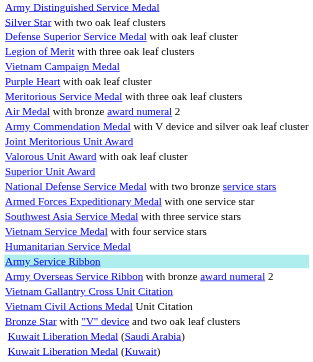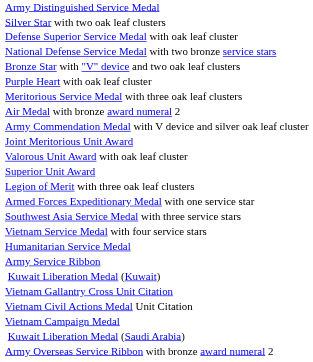 <table>
 <tr>
 <td> <a href='#'>Army Distinguished Service Medal</a></td>
 </tr>
 <tr>
 <td><span></span><span></span> <a href='#'>Silver Star</a> with two oak leaf clusters</td>
 </tr>
 <tr>
 <td> <a href='#'>Defense Superior Service Medal</a> with oak leaf cluster</td>
 </tr>
 <tr>
-<td><span></span><span></span><span></span> <a href='#'>Legion of Merit</a> with three oak leaf clusters</td>
+<td><span></span><span></span> <a href='#'>National Defense Service Medal</a> with two bronze <a href='#'>service stars</a></td>
 </tr>
 <tr>
-<td> <a href='#'>Vietnam Campaign Medal</a></td>
+<td><span></span><span></span><span></span> <a href='#'>Bronze Star</a> with <a href='#'>"V" device</a> and two oak leaf clusters</td>
 </tr>
 <tr>
 <td> <a href='#'>Purple Heart</a> with oak leaf cluster</td>
 </tr>
 <tr>
 <td><span></span><span></span><span></span> <a href='#'>Meritorious Service Medal</a> with three oak leaf clusters</td>
 </tr>
 <tr>
 <td><span></span> <a href='#'>Air Medal</a> with bronze <a href='#'>award numeral</a> 2</td>
 </tr>
 <tr>
 <td><span></span><span></span> <a href='#'>Army Commendation Medal</a> with V device and silver oak leaf cluster</td>
 </tr>
 <tr>
 <td> <a href='#'>Joint Meritorious Unit Award</a></td>
 </tr>
 <tr>
 <td> <a href='#'>Valorous Unit Award</a> with oak leaf cluster</td>
 </tr>
 <tr>
 <td> <a href='#'>Superior Unit Award</a></td>
 </tr>
 <tr>
-<td><span></span><span></span> <a href='#'>National Defense Service Medal</a> with two bronze <a href='#'>service stars</a></td>
+<td><span></span><span></span><span></span> <a href='#'>Legion of Merit</a> with three oak leaf clusters</td>
 </tr>
 <tr>
 <td> <a href='#'>Armed Forces Expeditionary Medal</a> with one service star</td>
 </tr>
 <tr>
 <td><span></span><span></span><span></span> <a href='#'>Southwest Asia Service Medal</a> with three service stars</td>
 </tr>
 <tr>
 <td><span></span><span></span><span></span><span></span> <a href='#'>Vietnam Service Medal</a> with four service stars</td>
 </tr>
 <tr>
 <td> <a href='#'>Humanitarian Service Medal</a></td>
 </tr>
 <tr>
-<td style="background: paleturquoise;"> <a href='#'>Army Service Ribbon</a></td>
+<td> <a href='#'>Army Service Ribbon</a></td>
 </tr>
 <tr>
-<td><span></span> <a href='#'>Army Overseas Service Ribbon</a> with bronze <a href='#'>award numeral</a> 2</td>
+<td> <a href='#'>Kuwait Liberation Medal</a> (<a href='#'>Kuwait</a>)</td>
 </tr>
 <tr>
 <td> <a href='#'>Vietnam Gallantry Cross Unit Citation</a></td>
 </tr>
 <tr>
 <td> <a href='#'>Vietnam Civil Actions Medal</a> Unit Citation</td>
 </tr>
 <tr>
-<td><span></span><span></span><span></span> <a href='#'>Bronze Star</a> with <a href='#'>"V" device</a> and two oak leaf clusters</td>
+<td> <a href='#'>Vietnam Campaign Medal</a></td>
 </tr>
 <tr>
 <td> <a href='#'>Kuwait Liberation Medal</a> (<a href='#'>Saudi Arabia</a>)</td>
 </tr>
 <tr>
-<td> <a href='#'>Kuwait Liberation Medal</a> (<a href='#'>Kuwait</a>)</td>
+<td><span></span> <a href='#'>Army Overseas Service Ribbon</a> with bronze <a href='#'>award numeral</a> 2</td>
 </tr>
 </table>
